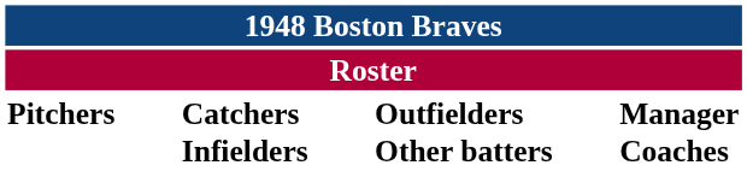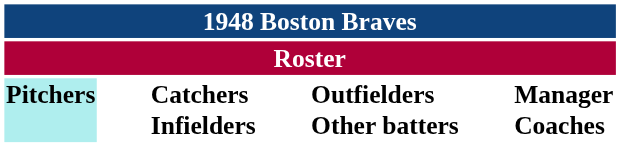 <table class="toccolours" style="font-size: 95%;">
 <tr>
 <th colspan="10" style="background-color: #0f437c; color: white; text-align: center;">1948 Boston Braves</th>
 </tr>
 <tr>
 <td colspan="10" style="background-color: #af0039; color: white; text-align: center;"><strong>Roster</strong></td>
 </tr>
 <tr>
-<td valign="top"><strong>Pitchers</strong><br>               </td>
+<td valign="top" style="background: paleturquoise;"><strong>Pitchers</strong><br>               </td>
 <td width="25px"></td>
 <td valign="top"><strong>Catchers</strong><br>   <strong>Infielders</strong>        </td>
 <td width="25px"></td>
 <td valign="top"><strong>Outfielders</strong><br>       <strong>Other batters</strong> </td>
 <td width="25px"></td>
 <td valign="top"><strong>Manager</strong><br> <strong>Coaches</strong>    </td>
 </tr>
 </table>
